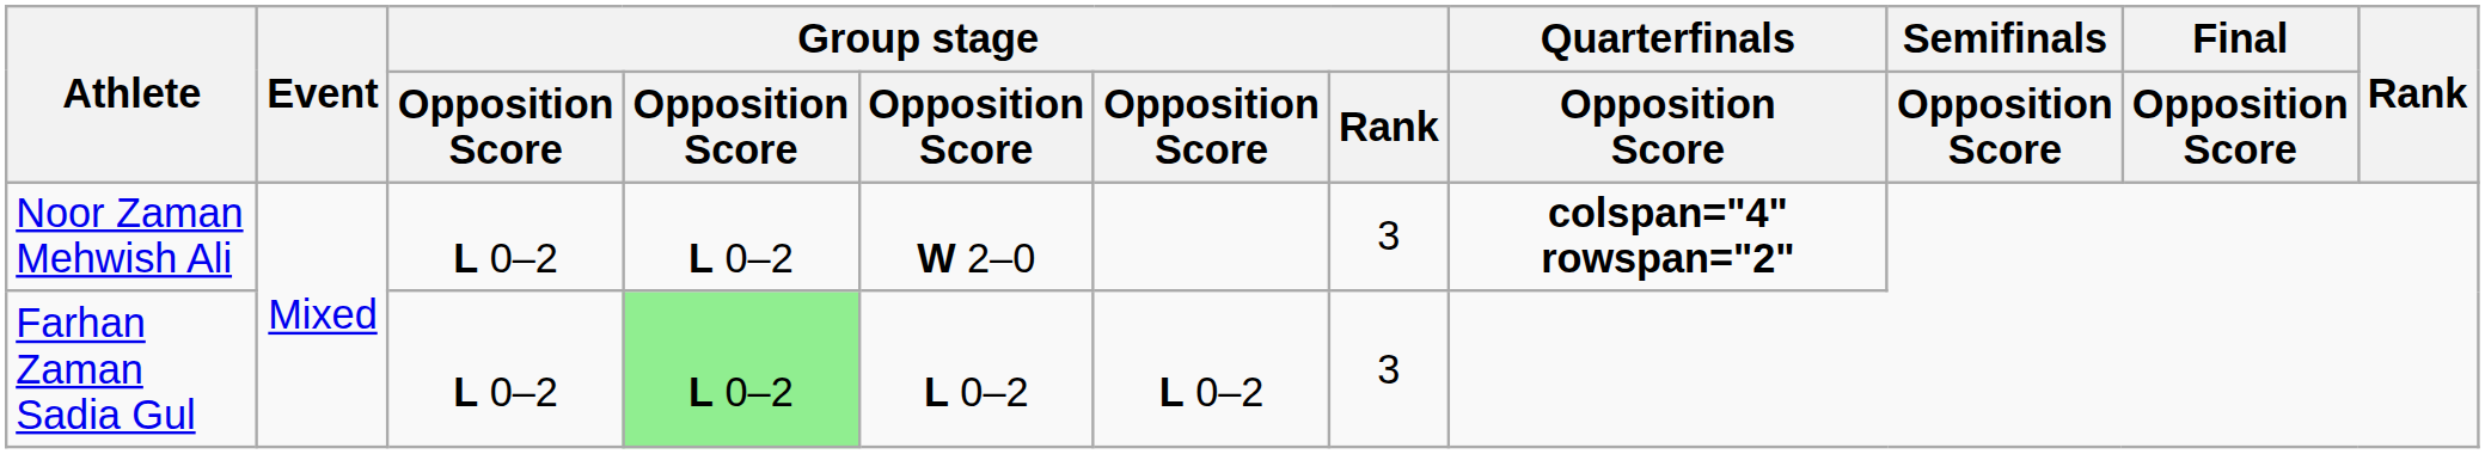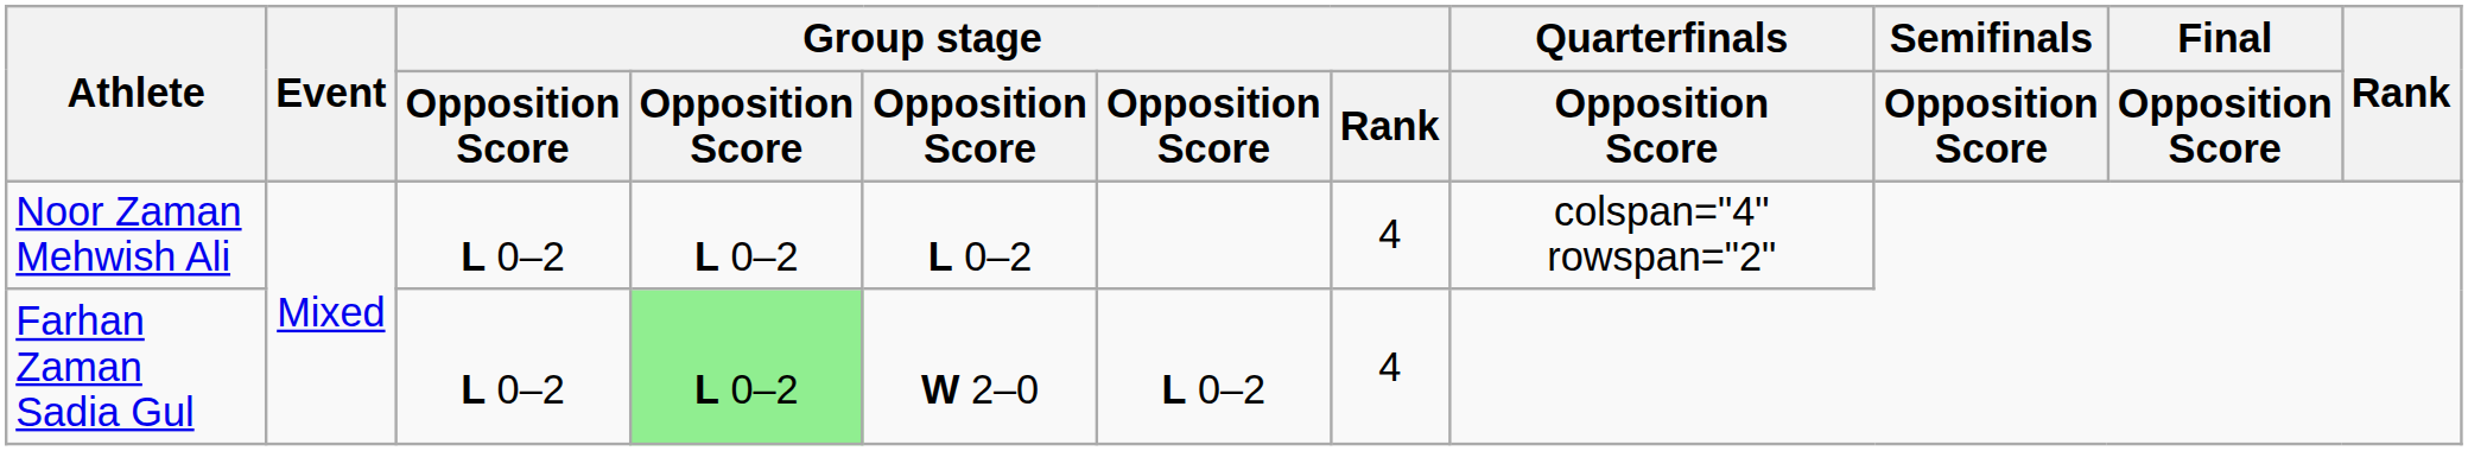 <table class=wikitable style="text-align:center; font-size:90%">
 <tr>
 <th rowspan="2">Athlete</th>
 <th rowspan=2>Event</th>
 <th colspan=5>Group stage</th>
 <th>Quarterfinals</th>
 <th>Semifinals</th>
 <th>Final</th>
 <th rowspan="2">Rank</th>
 </tr>
 <tr>
 <th>Opposition<br>Score</th>
 <th>Opposition<br>Score</th>
 <th>Opposition<br>Score</th>
 <th>Opposition<br>Score</th>
 <th>Rank</th>
 <th>Opposition<br>Score</th>
 <th>Opposition<br>Score</th>
 <th>Opposition<br>Score</th>
 </tr>
 <tr>
 <td align=left><a href='#'>Noor Zaman</a><br><a href='#'>Mehwish Ali</a></td>
 <td rowspan="2"><a href='#'>Mixed</a></td>
 <td><br> <strong>L</strong> 0–2</td>
 <td><br><strong>L</strong> 0–2</td>
-<td><br> <strong>W</strong> 2–0</td>
+<td><br><strong>L</strong> 0–2</td>
 <td></td>
-<td>3</td>
-<td><strong>colspan="4" rowspan="2"</strong></td>
+<td>4</td>
+<td>colspan="4" rowspan="2"</td>
 </tr>
 <tr>
 <td align=left><a href='#'>Farhan Zaman</a><br><a href='#'>Sadia Gul</a></td>
 <td><br> <strong>L</strong> 0–2</td>
 <td style="background: lightgreen;"><br><strong>L</strong> 0–2</td>
+<td><br> <strong>W</strong> 2–0</td>
 <td><br><strong>L</strong> 0–2</td>
-<td><br><strong>L</strong> 0–2</td>
-<td>3</td>
+<td>4</td>
 </tr>
 </table>
